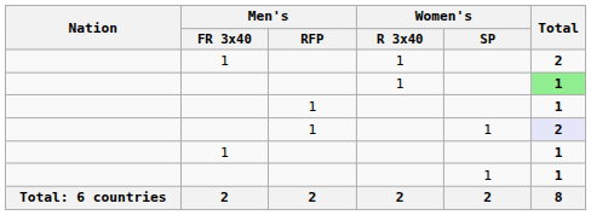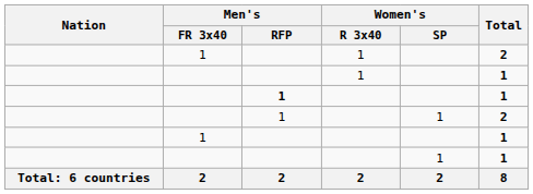 <table class="wikitable" width=500 style="text-align:center; font-size:90%">
 <tr>
 <th rowspan="2" align="left">Nation</th>
 <th colspan="2">Men's</th>
 <th colspan="2">Women's</th>
 <th rowspan="2">Total</th>
 </tr>
 <tr style="font-size:95%">
 <th width=70>FR 3x40</th>
 <th width=70>RFP</th>
 <th width=70>R 3x40</th>
 <th width=70>SP</th>
 </tr>
 <tr>
 <td align=left></td>
 <td>1</td>
 <td></td>
 <td>1</td>
 <td></td>
 <td><strong>2</strong></td>
 </tr>
 <tr>
 <td align=left></td>
 <td></td>
 <td></td>
 <td>1</td>
 <td></td>
-<td style="background: lightgreen;"><strong>1</strong></td>
+<td><strong>1</strong></td>
 </tr>
 <tr>
 <td align=left></td>
 <td></td>
-<td>1</td>
+<td><strong>1</strong></td>
 <td></td>
 <td></td>
 <td><strong>1</strong></td>
 </tr>
 <tr>
 <td align=left></td>
 <td></td>
 <td>1</td>
 <td></td>
 <td>1</td>
-<td style="background: lavender;"><strong>2</strong></td>
+<td><strong>2</strong></td>
 </tr>
 <tr>
 <td align=left></td>
 <td>1</td>
 <td></td>
 <td></td>
 <td></td>
 <td><strong>1</strong></td>
 </tr>
 <tr>
 <td align=left></td>
 <td></td>
 <td></td>
 <td></td>
 <td>1</td>
 <td><strong>1</strong></td>
 </tr>
 <tr>
 <th>Total: 6 countries</th>
 <th>2</th>
 <th>2</th>
 <th>2</th>
 <th>2</th>
 <th>8</th>
 </tr>
 </table>
